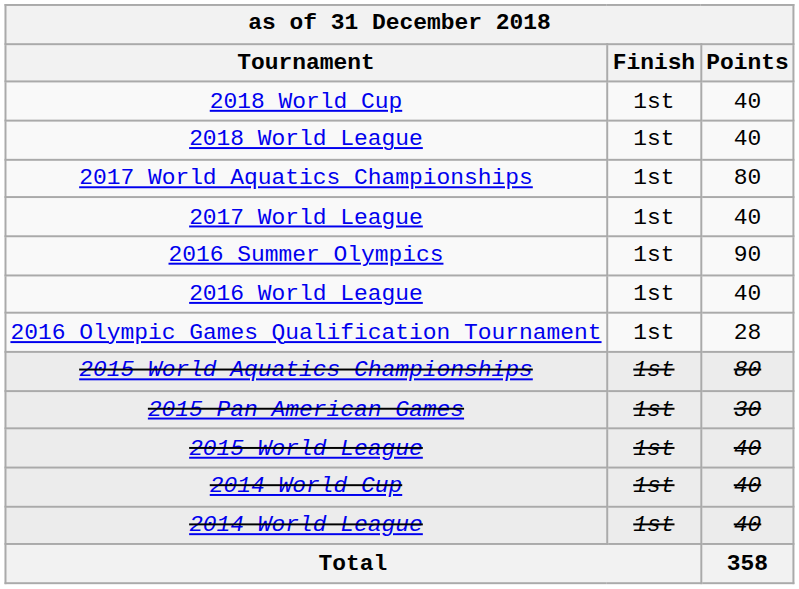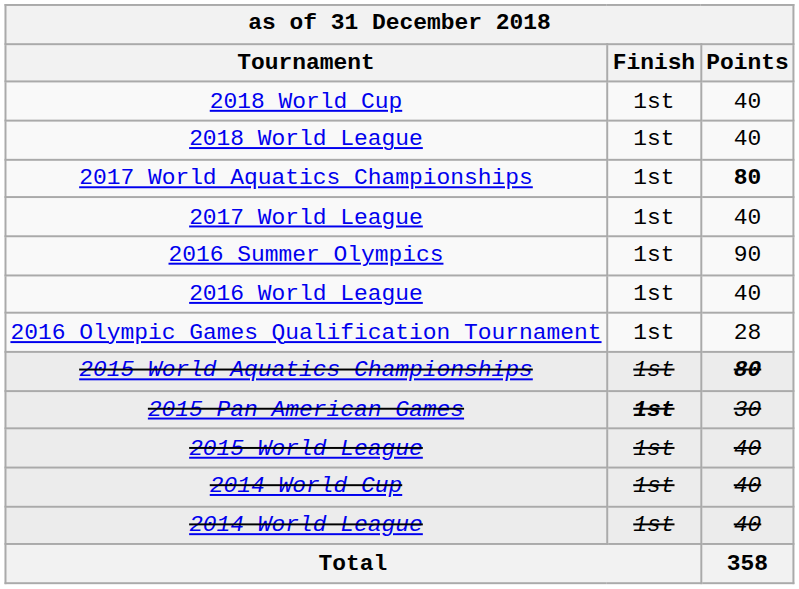 <table class="wikitable" style="text-align: center; font-size: 90%; margin-left: 1em;">
 <tr>
 <th colspan="3"> as of 31 December 2018</th>
 </tr>
 <tr>
 <th>Tournament</th>
 <th>Finish</th>
 <th>Points</th>
 </tr>
 <tr>
 <td><a href='#'>2018 World Cup</a></td>
 <td>1st</td>
 <td>40</td>
 </tr>
 <tr>
 <td><a href='#'>2018 World League</a></td>
 <td>1st</td>
 <td>40</td>
 </tr>
 <tr>
 <td><a href='#'>2017 World Aquatics Championships</a></td>
 <td>1st</td>
-<td>80</td>
+<td><strong>80</strong></td>
 </tr>
 <tr>
 <td><a href='#'>2017 World League</a></td>
 <td>1st</td>
 <td>40</td>
 </tr>
 <tr>
 <td><a href='#'>2016 Summer Olympics</a></td>
 <td>1st</td>
 <td>90</td>
 </tr>
 <tr>
 <td><a href='#'>2016 World League</a></td>
 <td>1st</td>
 <td>40</td>
 </tr>
 <tr>
 <td><a href='#'>2016 Olympic Games Qualification Tournament</a></td>
 <td>1st</td>
 <td>28</td>
 </tr>
 <tr style="background-color: #ececec;">
 <td><s><em><a href='#'>2015 World Aquatics Championships</a></em></s></td>
 <td><s><em>1st</em></s></td>
-<td><s><em>80</em></s></td>
+<td><strong><s><em>80</em></s></strong></td>
 </tr>
 <tr style="background-color: #ececec;">
 <td><s><em><a href='#'>2015 Pan American Games</a></em></s></td>
-<td><s><em>1st</em></s></td>
+<td><strong><s><em>1st</em></s></strong></td>
 <td><s><em>30</em></s></td>
 </tr>
 <tr style="background-color: #ececec;">
 <td><s><em><a href='#'>2015 World League</a></em></s></td>
 <td><s><em>1st</em></s></td>
 <td><s><em>40</em></s></td>
 </tr>
 <tr style="background-color: #ececec;">
 <td><s><em><a href='#'>2014 World Cup</a></em></s></td>
 <td><s><em>1st</em></s></td>
 <td><s><em>40</em></s></td>
 </tr>
 <tr style="background-color: #ececec;">
 <td><s><em><a href='#'>2014 World League</a></em></s></td>
 <td><s><em>1st</em></s></td>
 <td><s><em>40</em></s></td>
 </tr>
 <tr>
 <th colspan="2">Total</th>
 <th>358</th>
 </tr>
 </table>
